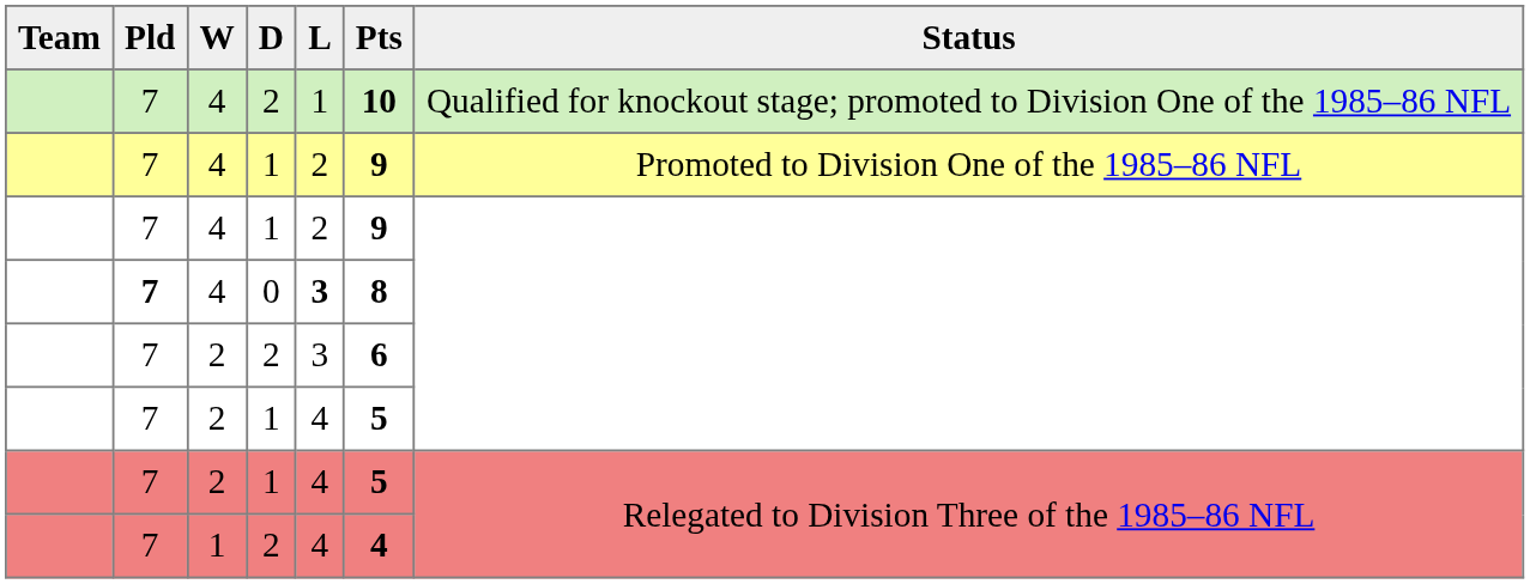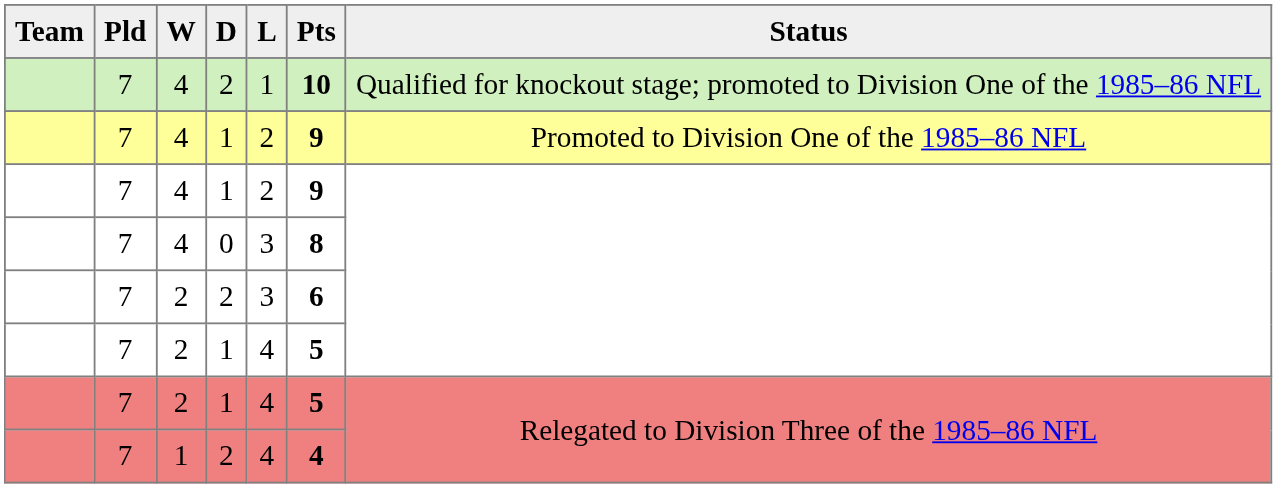 <table style=border-collapse:collapse border=1 cellspacing=0 cellpadding=5>
 <tr align=center bgcolor=#efefef>
 <th>Team</th>
 <th>Pld</th>
 <th>W</th>
 <th>D</th>
 <th>L</th>
 <th>Pts</th>
 <th>Status</th>
 </tr>
 <tr align=center style="background:#D0F0C0;">
 <td style="text-align:left;"> </td>
 <td>7</td>
 <td>4</td>
 <td>2</td>
 <td>1</td>
 <td><strong>10</strong></td>
 <td rowspan=1>Qualified for knockout stage; promoted to Division One of the <a href='#'>1985–86 NFL</a></td>
 </tr>
 <tr align=center style="background:#FFFF99">
 <td style="text-align:left;"> </td>
 <td>7</td>
 <td>4</td>
 <td>1</td>
 <td>2</td>
 <td><strong>9</strong></td>
 <td rowspan=1>Promoted to Division One of the <a href='#'>1985–86 NFL</a></td>
 </tr>
 <tr align=center style="background:#FFFFFF;">
 <td style="text-align:left;"> </td>
 <td>7</td>
 <td>4</td>
 <td>1</td>
 <td>2</td>
 <td><strong>9</strong></td>
 <td rowspan=4></td>
 </tr>
 <tr align=center style="background:#FFFFFF;">
 <td style="text-align:left;"> </td>
-<td><strong>7</strong></td>
+<td>7</td>
 <td>4</td>
 <td>0</td>
-<td><strong>3</strong></td>
+<td>3</td>
 <td><strong>8</strong></td>
 </tr>
 <tr align=center style="background:#FFFFFF;">
 <td style="text-align:left;"> </td>
 <td>7</td>
 <td>2</td>
 <td>2</td>
 <td>3</td>
 <td><strong>6</strong></td>
 </tr>
 <tr align=center style="background:#FFFFFF;">
 <td style="text-align:left;"> </td>
 <td>7</td>
 <td>2</td>
 <td>1</td>
 <td>4</td>
 <td><strong>5</strong></td>
 </tr>
 <tr align=center style="background:#F08080;">
 <td style="text-align:left;"> </td>
 <td>7</td>
 <td>2</td>
 <td>1</td>
 <td>4</td>
 <td><strong>5</strong></td>
 <td rowspan=2>Relegated to Division Three of the <a href='#'>1985–86 NFL</a></td>
 </tr>
 <tr align=center style="background:#F08080;">
 <td style="text-align:left;"> </td>
 <td>7</td>
 <td>1</td>
 <td>2</td>
 <td>4</td>
 <td><strong>4</strong></td>
 </tr>
 </table>
